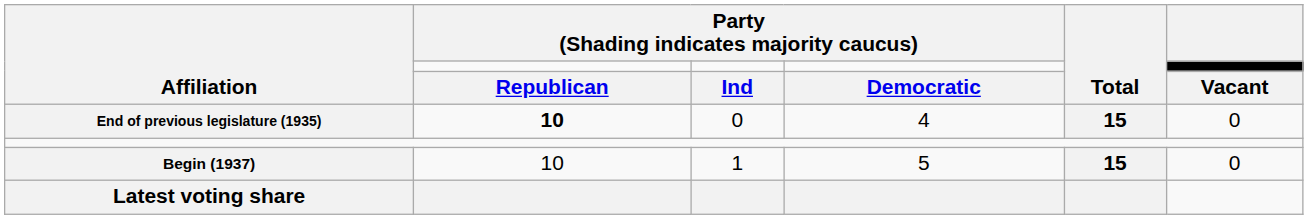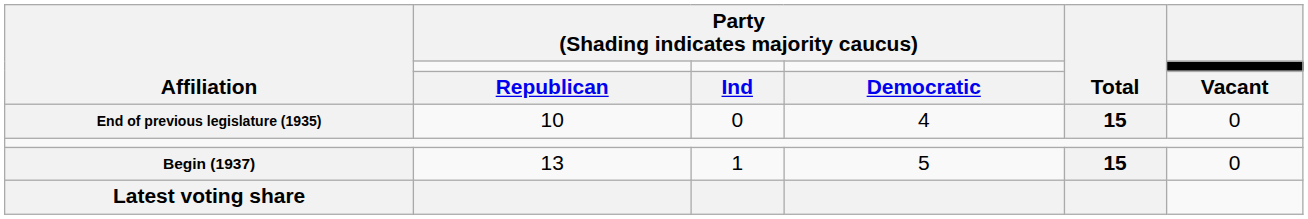 <table class=wikitable style="text-align:center; width:50%">
 <tr style="vertical-align:bottom;">
 <th rowspan=3>Affiliation</th>
 <th colspan=3>Party <div>(Shading indicates majority caucus)</div></th>
 <th rowspan=3>Total</th>
 <th></th>
 </tr>
 <tr style="height:5px">
 <td style="background-color:"></td>
 <td style="background-color:"></td>
 <td style="background-color:"></td>
 <td style="background-color:black"></td>
 </tr>
 <tr>
 <th><a href='#'>Republican</a></th>
 <th><a href='#'>Ind</a></th>
 <th><a href='#'>Democratic</a></th>
 <th>Vacant</th>
 </tr>
 <tr>
 <th nowrap style="font-size:67%">End of previous legislature (1935)</th>
-<td><strong>10</strong></td>
+<td>10</td>
 <td>0</td>
 <td>4</td>
 <th>15</th>
 <td>0</td>
 </tr>
 <tr>
 <td colspan=6></td>
 </tr>
 <tr>
 <th nowrap style="font-size:74%">Begin (1937)</th>
-<td>10</td>
+<td>13</td>
 <td>1</td>
 <td>5</td>
 <th>15</th>
 <td>0</td>
 </tr>
 <tr>
 <th>Latest voting share</th>
 <th colspan=1 ></th>
 <th></th>
 <th></th>
 <th colspan=1></th>
 </tr>
 </table>
